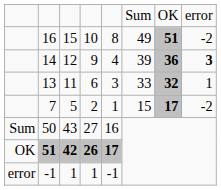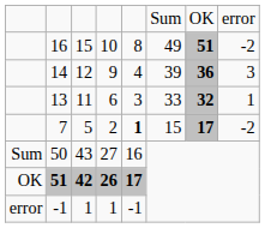 <table class="wikitable" style="text-align:right; border=0;">
 <tr>
 <td></td>
 <td></td>
 <td></td>
 <td></td>
 <td></td>
 <td>Sum</td>
 <td>OK</td>
 <td>error</td>
 </tr>
 <tr>
 <td></td>
 <td>16</td>
 <td>15</td>
 <td>10</td>
 <td>8</td>
 <td>49</td>
 <td style="background:silver"><strong>51</strong></td>
 <td>-2</td>
 </tr>
 <tr>
 <td></td>
 <td>14</td>
 <td>12</td>
 <td>9</td>
 <td>4</td>
 <td>39</td>
 <td style="background:silver"><strong>36</strong></td>
-<td><strong>3</strong></td>
+<td>3</td>
 </tr>
 <tr>
 <td></td>
 <td>13</td>
 <td>11</td>
 <td>6</td>
 <td>3</td>
 <td>33</td>
 <td style="background:silver"><strong>32</strong></td>
 <td>1</td>
 </tr>
 <tr>
 <td></td>
 <td>7</td>
 <td>5</td>
 <td>2</td>
-<td>1</td>
+<td><strong>1</strong></td>
 <td>15</td>
 <td style="background:silver"><strong>17</strong></td>
 <td>-2</td>
 </tr>
 <tr>
 <td>Sum</td>
 <td>50</td>
 <td>43</td>
 <td>27</td>
 <td>16</td>
 </tr>
 <tr>
 <td>OK</td>
 <td style="background:silver"><strong>51</strong></td>
 <td style="background:silver"><strong>42</strong></td>
 <td style="background:silver"><strong>26</strong></td>
 <td style="background:silver"><strong>17</strong></td>
 </tr>
 <tr>
 <td>error</td>
 <td>-1</td>
 <td>1</td>
 <td>1</td>
 <td>-1</td>
 </tr>
 </table>
